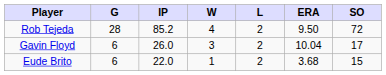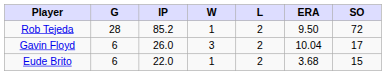 <table class="wikitable sortable">
 <tr>
 <th style="background:#ddf; width:16%;">Player</th>
 <th style="background:#ddf; width:9%">G</th>
 <th style="background:#ddf; width:9%">IP</th>
 <th style="background:#ddf; width:9%">W</th>
 <th style="background:#ddf; width:9%">L</th>
 <th style="background:#ddf; width:9%">ERA</th>
 <th style="background:#ddf; width:9%">SO</th>
 </tr>
 <tr align=center>
 <td><a href='#'>Rob Tejeda</a></td>
 <td>28</td>
 <td>85.2</td>
-<td>4</td>
+<td>1</td>
 <td>2</td>
 <td>9.50</td>
 <td>72</td>
 </tr>
 <tr align=center>
 <td><a href='#'>Gavin Floyd</a></td>
 <td>6</td>
 <td>26.0</td>
 <td>3</td>
 <td>2</td>
 <td>10.04</td>
 <td>17</td>
 </tr>
 <tr align=center>
 <td><a href='#'>Eude Brito</a></td>
 <td>6</td>
 <td>22.0</td>
 <td>1</td>
 <td>2</td>
 <td>3.68</td>
 <td>15</td>
 </tr>
 </table>
